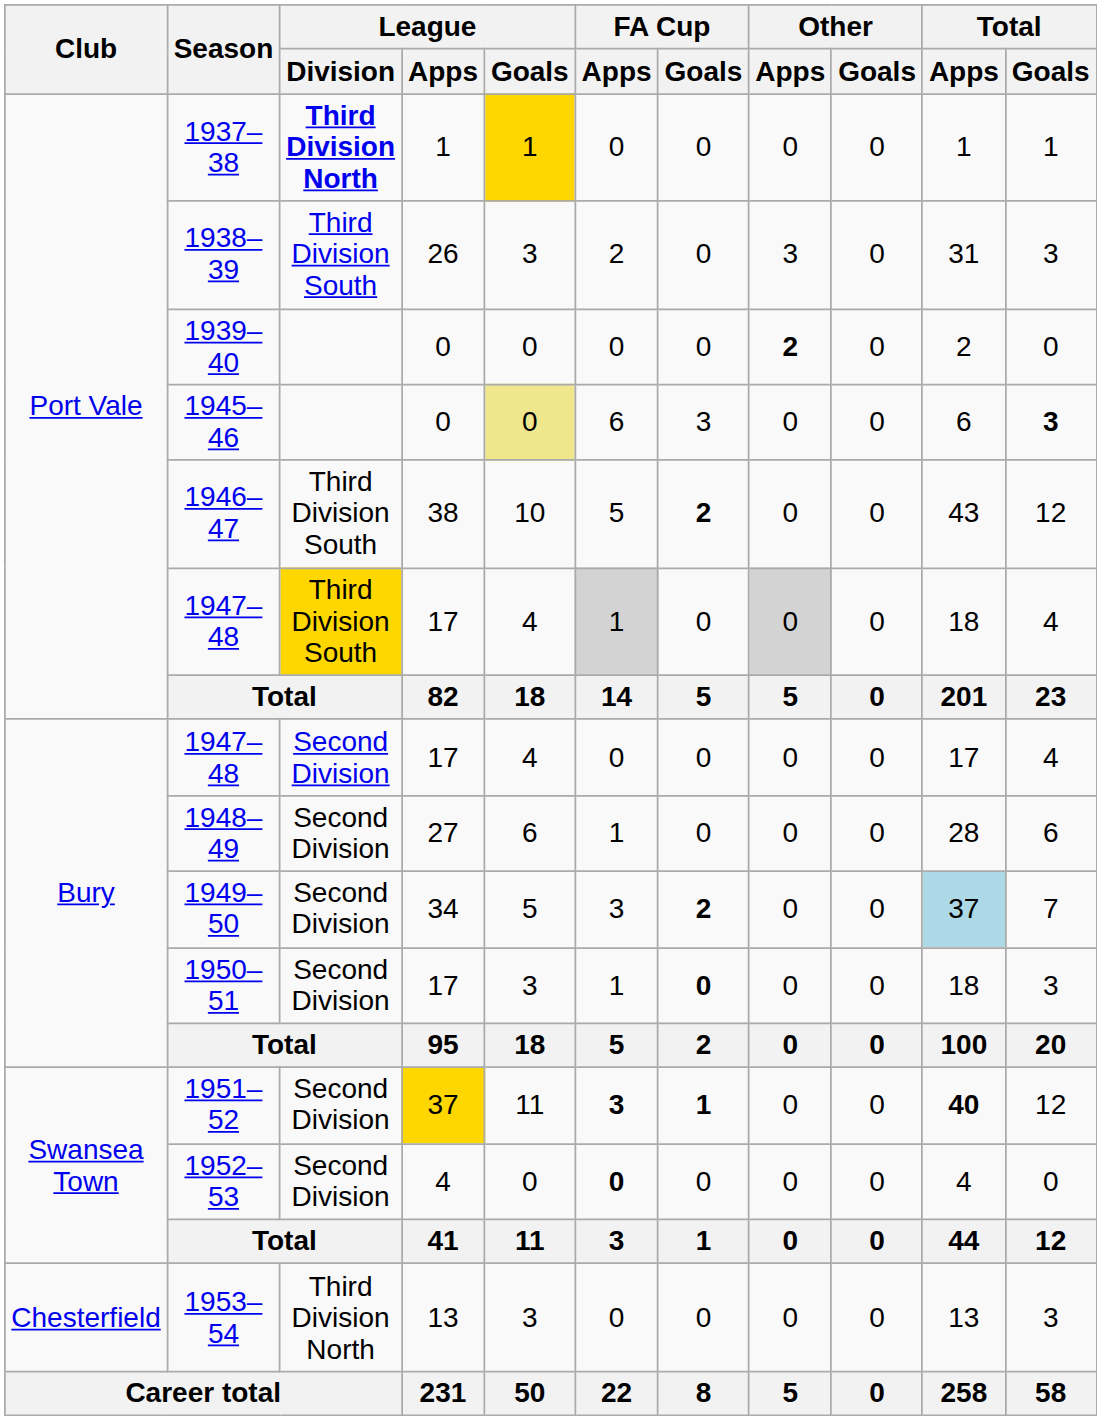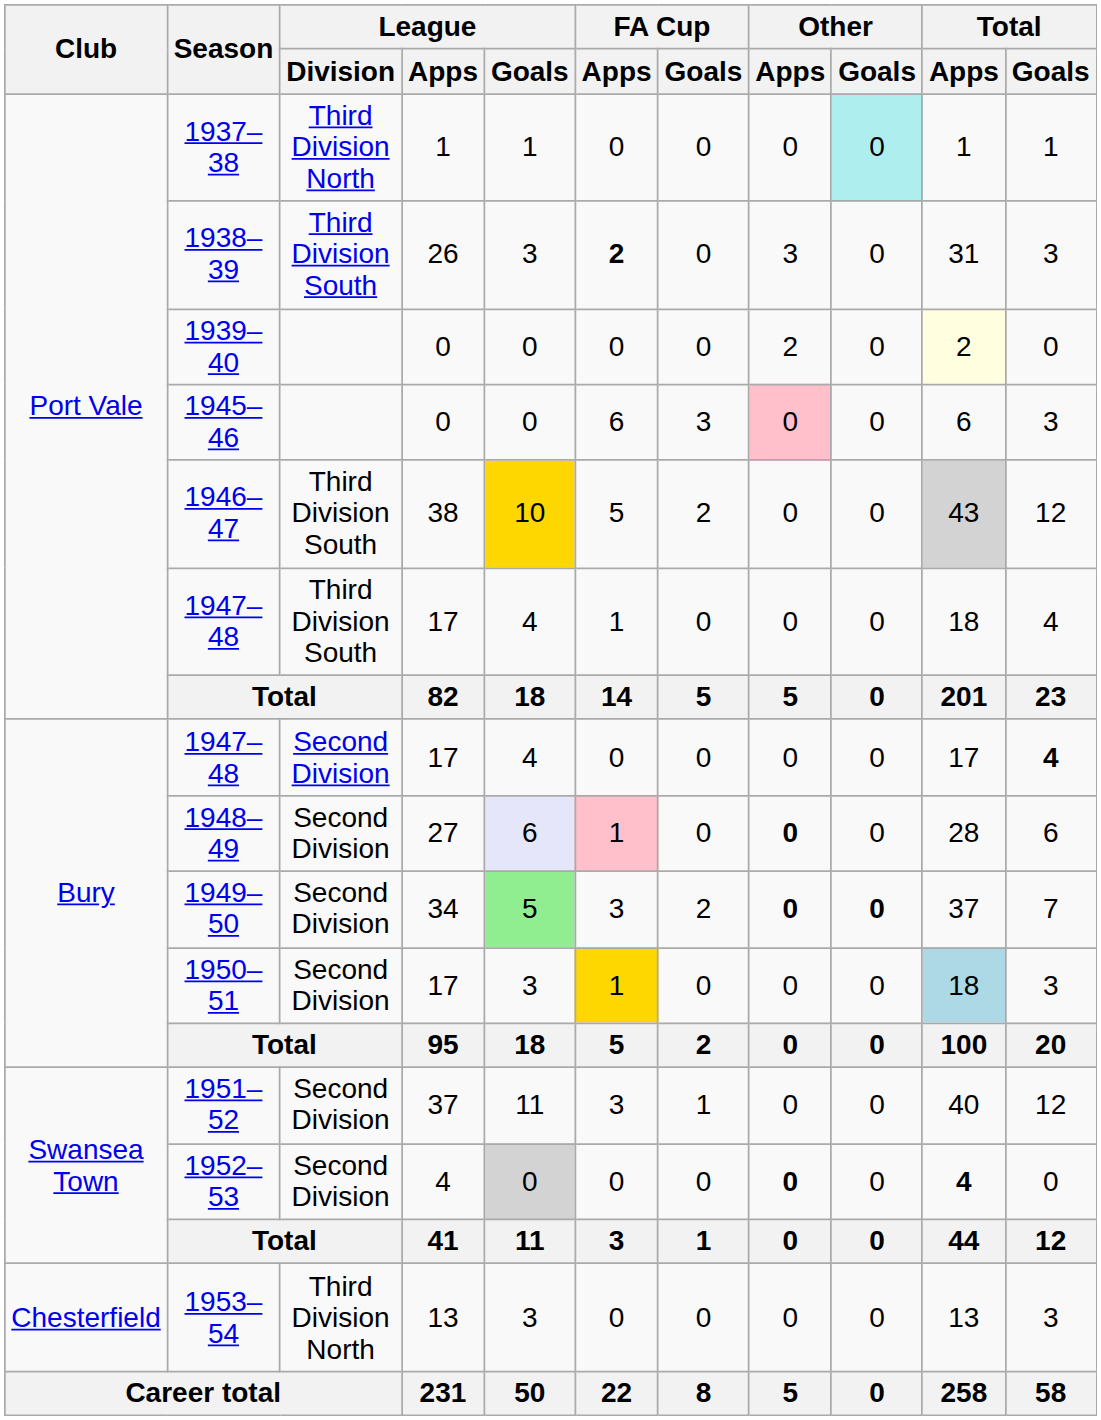 <table class="wikitable" style="text-align: center;">
 <tr>
 <th rowspan="2">Club</th>
 <th rowspan="2">Season</th>
 <th colspan="3">League</th>
 <th colspan="2">FA Cup</th>
 <th colspan="2">Other</th>
 <th colspan="2">Total</th>
 </tr>
 <tr>
 <th>Division</th>
 <th>Apps</th>
 <th>Goals</th>
 <th>Apps</th>
 <th>Goals</th>
 <th>Apps</th>
 <th>Goals</th>
 <th>Apps</th>
 <th>Goals</th>
 </tr>
 <tr>
 <td rowspan="7"><a href='#'>Port Vale</a></td>
 <td><a href='#'>1937–38</a></td>
-<td><strong><a href='#'>Third Division North</a></strong></td>
+<td><a href='#'>Third Division North</a></td>
 <td>1</td>
-<td style="background: gold;">1</td>
+<td>1</td>
 <td>0</td>
 <td>0</td>
 <td>0</td>
-<td>0</td>
+<td style="background: paleturquoise;">0</td>
 <td>1</td>
 <td>1</td>
 </tr>
 <tr>
 <td><a href='#'>1938–39</a></td>
 <td><a href='#'>Third Division South</a></td>
 <td>26</td>
 <td>3</td>
-<td>2</td>
+<td><strong>2</strong></td>
 <td>0</td>
 <td>3</td>
 <td>0</td>
 <td>31</td>
 <td>3</td>
 </tr>
 <tr>
 <td><a href='#'>1939–40</a></td>
 <td></td>
 <td>0</td>
 <td>0</td>
 <td>0</td>
 <td>0</td>
-<td><strong>2</strong></td>
+<td>2</td>
 <td>0</td>
-<td>2</td>
+<td style="background: lightyellow;">2</td>
 <td>0</td>
 </tr>
 <tr>
 <td><a href='#'>1945–46</a></td>
 <td></td>
 <td>0</td>
-<td style="background: khaki;">0</td>
+<td>0</td>
 <td>6</td>
 <td>3</td>
-<td>0</td>
+<td style="background: pink;">0</td>
 <td>0</td>
 <td>6</td>
-<td><strong>3</strong></td>
+<td>3</td>
 </tr>
 <tr>
 <td><a href='#'>1946–47</a></td>
 <td>Third Division South</td>
 <td>38</td>
-<td>10</td>
+<td style="background: gold;">10</td>
 <td>5</td>
-<td><strong>2</strong></td>
+<td>2</td>
 <td>0</td>
 <td>0</td>
-<td>43</td>
+<td style="background: lightgrey;">43</td>
 <td>12</td>
 </tr>
 <tr>
 <td><a href='#'>1947–48</a></td>
-<td style="background: gold;">Third Division South</td>
+<td>Third Division South</td>
 <td>17</td>
 <td>4</td>
-<td style="background: lightgrey;">1</td>
+<td>1</td>
 <td>0</td>
-<td style="background: lightgrey;">0</td>
+<td>0</td>
 <td>0</td>
 <td>18</td>
 <td>4</td>
 </tr>
 <tr>
 <th colspan="2">Total</th>
 <th>82</th>
 <th>18</th>
 <th>14</th>
 <th>5</th>
 <th>5</th>
 <th>0</th>
 <th>201</th>
 <th>23</th>
 </tr>
 <tr>
 <td rowspan="5"><a href='#'>Bury</a></td>
 <td><a href='#'>1947–48</a></td>
 <td><a href='#'>Second Division</a></td>
 <td>17</td>
 <td>4</td>
 <td>0</td>
 <td>0</td>
 <td>0</td>
 <td>0</td>
 <td>17</td>
-<td>4</td>
+<td><strong>4</strong></td>
 </tr>
 <tr>
 <td><a href='#'>1948–49</a></td>
 <td>Second Division</td>
 <td>27</td>
-<td>6</td>
-<td>1</td>
+<td style="background: lavender;">6</td>
+<td style="background: pink;">1</td>
 <td>0</td>
-<td>0</td>
+<td><strong>0</strong></td>
 <td>0</td>
 <td>28</td>
 <td>6</td>
 </tr>
 <tr>
 <td><a href='#'>1949–50</a></td>
 <td>Second Division</td>
 <td>34</td>
-<td>5</td>
+<td style="background: lightgreen;">5</td>
 <td>3</td>
-<td><strong>2</strong></td>
-<td>0</td>
-<td>0</td>
-<td style="background: lightblue;">37</td>
+<td>2</td>
+<td><strong>0</strong></td>
+<td><strong>0</strong></td>
+<td>37</td>
 <td>7</td>
 </tr>
 <tr>
 <td><a href='#'>1950–51</a></td>
 <td>Second Division</td>
 <td>17</td>
 <td>3</td>
-<td>1</td>
-<td><strong>0</strong></td>
+<td style="background: gold;">1</td>
 <td>0</td>
 <td>0</td>
-<td>18</td>
+<td>0</td>
+<td style="background: lightblue;">18</td>
 <td>3</td>
 </tr>
 <tr>
 <th colspan="2">Total</th>
 <th>95</th>
 <th>18</th>
 <th>5</th>
 <th>2</th>
 <th>0</th>
 <th>0</th>
 <th>100</th>
 <th>20</th>
 </tr>
 <tr>
 <td rowspan="3"><a href='#'>Swansea Town</a></td>
 <td><a href='#'>1951–52</a></td>
 <td>Second Division</td>
-<td style="background: gold;">37</td>
+<td>37</td>
 <td>11</td>
-<td><strong>3</strong></td>
-<td><strong>1</strong></td>
+<td>3</td>
+<td>1</td>
 <td>0</td>
 <td>0</td>
-<td><strong>40</strong></td>
+<td>40</td>
 <td>12</td>
 </tr>
 <tr>
 <td><a href='#'>1952–53</a></td>
 <td>Second Division</td>
 <td>4</td>
+<td style="background: lightgrey;">0</td>
+<td>0</td>
 <td>0</td>
 <td><strong>0</strong></td>
 <td>0</td>
-<td>0</td>
-<td>0</td>
-<td>4</td>
+<td><strong>4</strong></td>
 <td>0</td>
 </tr>
 <tr>
 <th colspan="2">Total</th>
 <th>41</th>
 <th>11</th>
 <th>3</th>
 <th>1</th>
 <th>0</th>
 <th>0</th>
 <th>44</th>
 <th>12</th>
 </tr>
 <tr>
 <td><a href='#'>Chesterfield</a></td>
 <td><a href='#'>1953–54</a></td>
 <td>Third Division North</td>
 <td>13</td>
 <td>3</td>
 <td>0</td>
 <td>0</td>
 <td>0</td>
 <td>0</td>
 <td>13</td>
 <td>3</td>
 </tr>
 <tr>
 <th colspan="3">Career total</th>
 <th>231</th>
 <th>50</th>
 <th>22</th>
 <th>8</th>
 <th>5</th>
 <th>0</th>
 <th>258</th>
 <th>58</th>
 </tr>
 </table>
